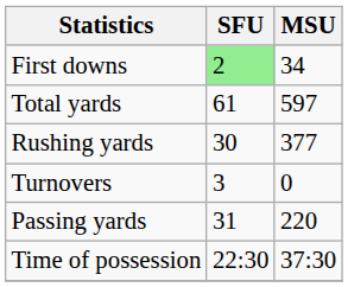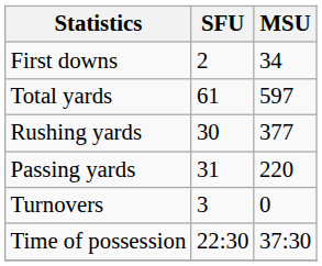 <table class="wikitable" style="float: left;">
 <tr>
 <th>Statistics</th>
 <th>SFU</th>
 <th>MSU</th>
 </tr>
 <tr>
 <td>First downs</td>
-<td style="background: lightgreen;">2</td>
+<td>2</td>
 <td>34</td>
 </tr>
 <tr>
 <td>Total yards</td>
 <td>61</td>
 <td>597</td>
 </tr>
 <tr>
 <td>Rushing yards</td>
 <td>30</td>
 <td>377</td>
 </tr>
 <tr>
+<td>Passing yards</td>
+<td>31</td>
+<td>220</td>
+</tr>
+<tr>
 <td>Turnovers</td>
 <td>3</td>
 <td>0</td>
-</tr>
-<tr>
-<td>Passing yards</td>
-<td>31</td>
-<td>220</td>
 </tr>
 <tr>
 <td>Time of possession</td>
 <td>22:30</td>
 <td>37:30</td>
 </tr>
 <tr>
 </tr>
 </table>
